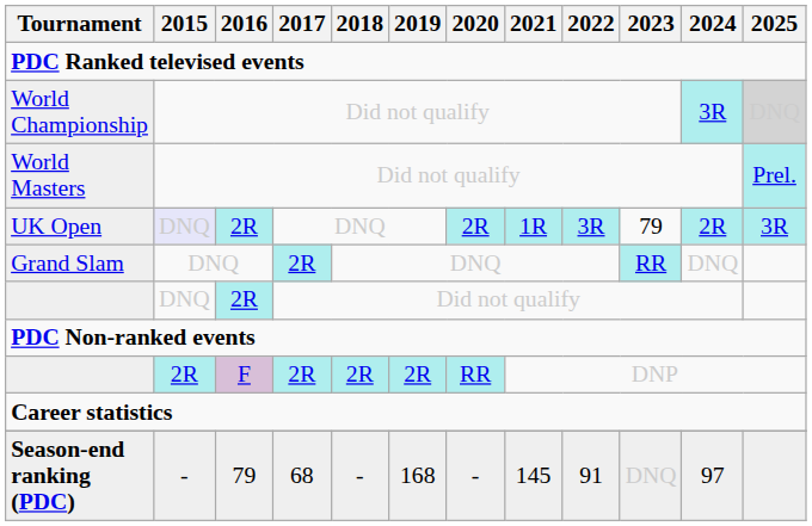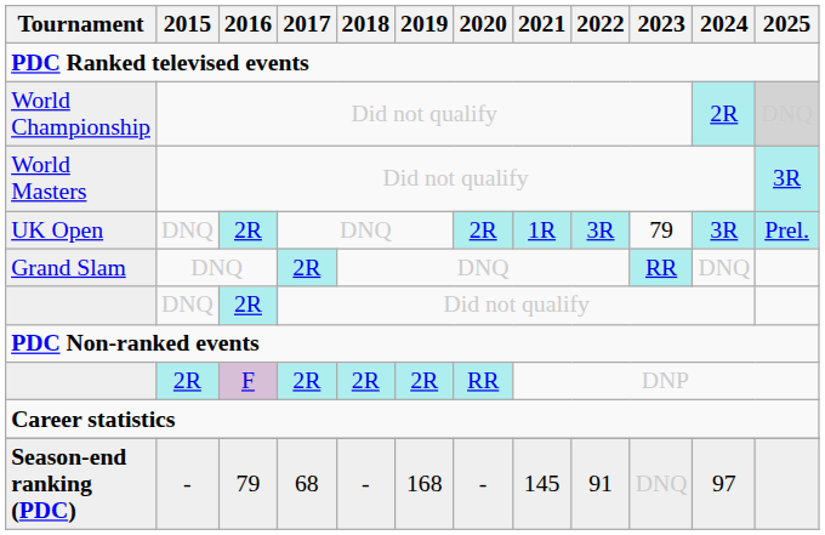 <table class="wikitable" style="width:20%; margin:0">
 <tr>
 <th>Tournament</th>
 <th>2015</th>
 <th>2016</th>
 <th>2017</th>
 <th>2018</th>
 <th>2019</th>
 <th>2020</th>
 <th>2021</th>
 <th>2022</th>
 <th>2023</th>
 <th>2024</th>
 <th>2025</th>
 </tr>
 <tr>
 <td colspan="31" align="left"><strong><a href='#'>PDC</a> Ranked televised events</strong></td>
 </tr>
 <tr>
 <td style="background:#efefef;"><a href='#'>World Championship</a></td>
 <td colspan="9" style="text-align:center; color:#ccc;">Did not qualify</td>
-<td style="text-align:center; background:#afeeee;"><a href='#'>3R</a></td>
+<td style="text-align:center; background:#afeeee;"><a href='#'>2R</a></td>
 <td style="background: lightgrey; text-align:center; color:#ccc;">DNQ</td>
 </tr>
 <tr>
 <td style="background:#efefef;"><a href='#'>World Masters</a></td>
 <td colspan="10" style="text-align:center; color:#ccc;">Did not qualify</td>
-<td style="text-align:center; background:#afeeee;"><a href='#'>Prel.</a></td>
+<td style="text-align:center; background:#afeeee;"><a href='#'>3R</a></td>
 </tr>
 <tr>
 <td style="background:#efefef;"><a href='#'>UK Open</a></td>
-<td style="background: lavender; text-align:center; color:#ccc;">DNQ</td>
+<td style="text-align:center; color:#ccc;">DNQ</td>
 <td style="text-align:center; background:#afeeee;"><a href='#'>2R</a></td>
 <td colspan="3" style="text-align:center; color:#ccc;">DNQ</td>
 <td style="text-align:center; background:#afeeee;"><a href='#'>2R</a></td>
 <td style="text-align:center; background:#afeeee;"><a href='#'>1R</a></td>
 <td style="text-align:center; background:#afeeee;"><a href='#'>3R</a></td>
 <td style="text-align:center;">79</td>
-<td style="text-align:center; background:#afeeee;"><a href='#'>2R</a></td>
 <td style="text-align:center; background:#afeeee;"><a href='#'>3R</a></td>
+<td style="text-align:center; background:#afeeee;"><a href='#'>Prel.</a></td>
 </tr>
 <tr>
 <td style="background:#efefef;"><a href='#'>Grand Slam</a></td>
 <td colspan="2" style="text-align:center; color:#ccc;">DNQ</td>
 <td style="text-align:center; background:#afeeee;"><a href='#'>2R</a></td>
 <td colspan="5" style="text-align:center; color:#ccc;">DNQ</td>
 <td style="text-align:center; background:#afeeee;"><a href='#'>RR</a></td>
 <td style="text-align:center; color:#ccc;">DNQ</td>
 <td></td>
 </tr>
 <tr>
 <td style="background:#efefef;"></td>
 <td style="text-align:center; color:#ccc;">DNQ</td>
 <td style="text-align:center; background:#afeeee;"><a href='#'>2R</a></td>
 <td colspan="8" style="text-align:center; color:#ccc;">Did not qualify</td>
 <td></td>
 </tr>
 <tr>
 <td colspan="31" style="text-align:left"><strong><a href='#'>PDC</a> Non-ranked events</strong></td>
 </tr>
 <tr>
 <td style="background:#efefef;"></td>
 <td style="text-align:center; background:#afeeee;"><a href='#'>2R</a></td>
 <td style="text-align:center; background:thistle;"><a href='#'>F</a></td>
 <td style="text-align:center; background:#afeeee;"><a href='#'>2R</a></td>
 <td style="text-align:center; background:#afeeee;"><a href='#'>2R</a></td>
 <td style="text-align:center; background:#afeeee;"><a href='#'>2R</a></td>
 <td style="text-align:center; background:#afeeee;"><a href='#'>RR</a></td>
 <td colspan="5" style="text-align:center; color:#ccc;">DNP</td>
 </tr>
 <tr>
 <td colspan="22" align="left"><strong>Career statistics</strong></td>
 </tr>
 <tr>
 </tr>
 <tr bgcolor="efefef">
 <td align="left"><strong>Season-end ranking (<a href='#'>PDC</a>)</strong></td>
 <td style="text-align:center;">-</td>
 <td style="text-align:center;">79</td>
 <td style="text-align:center;">68</td>
 <td style="text-align:center;">-</td>
 <td style="text-align:center;">168</td>
 <td style="text-align:center;">-</td>
 <td style="text-align:center;">145</td>
 <td style="text-align:center;">91</td>
 <td style="text-align:center; color:#ccc;">DNQ</td>
 <td style="text-align:center;">97</td>
 <td></td>
 </tr>
 </table>
